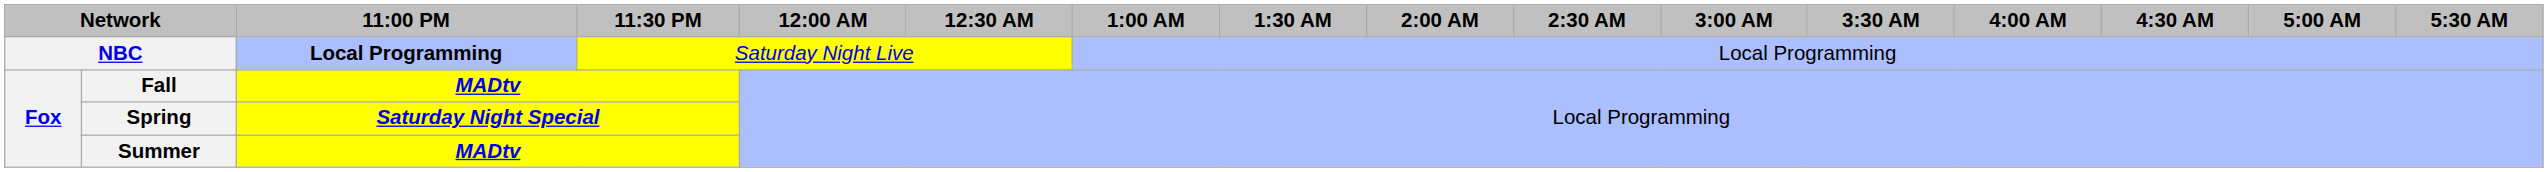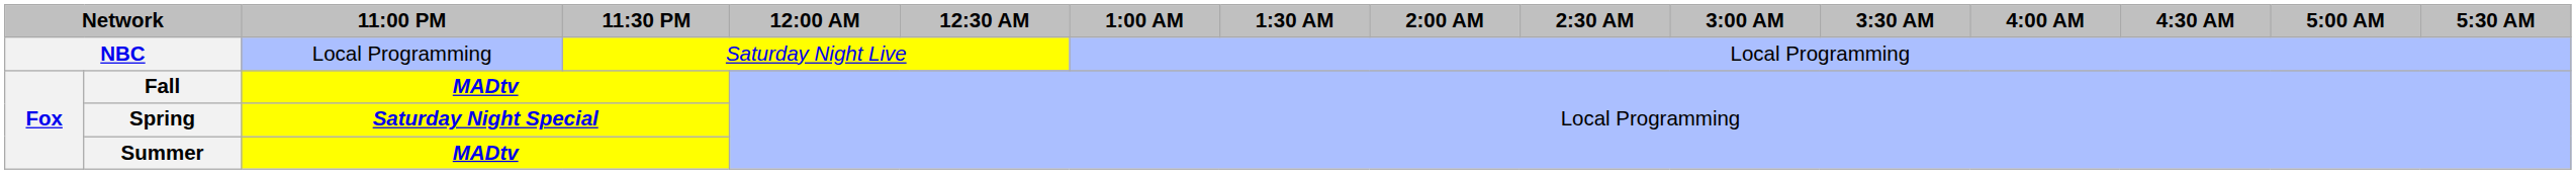 <table class="wikitable" style="width:100%;margin-right:0;text-align:center">
 <tr>
 <th style="background-color:#C0C0C0;text-align:center" colspan="2">Network</th>
 <th style="background-color:#C0C0C0;text-align:center">11:00 PM</th>
 <th style="background-color:#C0C0C0;text-align:center">11:30 PM</th>
 <th style="background-color:#C0C0C0;text-align:center">12:00 AM</th>
 <th style="background-color:#C0C0C0;text-align:center">12:30 AM</th>
 <th style="background-color:#C0C0C0;text-align:center">1:00 AM</th>
 <th style="background-color:#C0C0C0;text-align:center">1:30 AM</th>
 <th style="background-color:#C0C0C0;text-align:center">2:00 AM</th>
 <th style="background-color:#C0C0C0;text-align:center">2:30 AM</th>
 <th style="background-color:#C0C0C0;text-align:center">3:00 AM</th>
 <th style="background-color:#C0C0C0;text-align:center">3:30 AM</th>
 <th style="background-color:#C0C0C0;text-align:center">4:00 AM</th>
 <th style="background-color:#C0C0C0;text-align:center">4:30 AM</th>
 <th style="background-color:#C0C0C0;text-align:center">5:00 AM</th>
 <th style="background-color:#C0C0C0;text-align:center">5:30 AM</th>
 </tr>
 <tr>
 <th colspan="2"><a href='#'>NBC</a></th>
-<td style="background:#abbfff"><strong>Local Programming</strong></td>
+<td style="background:#abbfff">Local Programming</td>
 <td colspan="3" style="background:yellow"><em><a href='#'>Saturday Night Live</a></em></td>
 <td colspan="10" style="background:#abbfff">Local Programming</td>
 </tr>
 <tr>
 <th rowspan="3"><a href='#'>Fox</a></th>
 <th>Fall</th>
 <td colspan="2" style="background:yellow"><strong><em><a href='#'>MADtv</a></em></strong></td>
 <td colspan="12" rowspan="3" style="background:#abbfff">Local Programming</td>
 </tr>
 <tr>
 <th>Spring</th>
 <td colspan="2" style="background:yellow"><strong><em><a href='#'>Saturday Night Special</a></em></strong></td>
 </tr>
 <tr>
 <th>Summer</th>
 <td colspan="2" style="background:yellow"><strong><em><a href='#'>MADtv</a></em></strong></td>
 </tr>
 </table>
